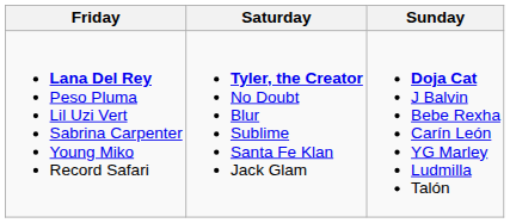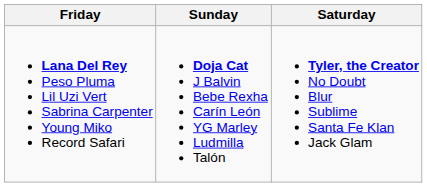 <table class="wikitable">
 <tr>
 <th>Friday</th>
+<th>Sunday</th>
 <th>Saturday</th>
-<th>Sunday</th>
 </tr>
 <tr valign="top">
 <td><br><ul><li><strong><a href='#'>Lana Del Rey</a></strong></li><li><a href='#'>Peso Pluma</a></li><li><a href='#'>Lil Uzi Vert</a></li><li><a href='#'>Sabrina Carpenter</a></li><li><a href='#'>Young Miko</a></li><li>Record Safari</li></ul></td>
+<td><br><ul><li><strong><a href='#'>Doja Cat</a></strong></li><li><a href='#'>J Balvin</a></li><li><a href='#'>Bebe Rexha</a></li><li><a href='#'>Carín León</a></li><li><a href='#'>YG Marley</a></li><li><a href='#'>Ludmilla</a></li><li>Talón</li></ul></td>
 <td><br><ul><li><strong><a href='#'>Tyler, the Creator</a></strong></li><li><a href='#'>No Doubt</a></li><li><a href='#'>Blur</a></li><li><a href='#'>Sublime</a></li><li><a href='#'>Santa Fe Klan</a></li><li>Jack Glam</li></ul></td>
-<td><br><ul><li><strong><a href='#'>Doja Cat</a></strong></li><li><a href='#'>J Balvin</a></li><li><a href='#'>Bebe Rexha</a></li><li><a href='#'>Carín León</a></li><li><a href='#'>YG Marley</a></li><li><a href='#'>Ludmilla</a></li><li>Talón</li></ul></td>
 </tr>
 </table>
